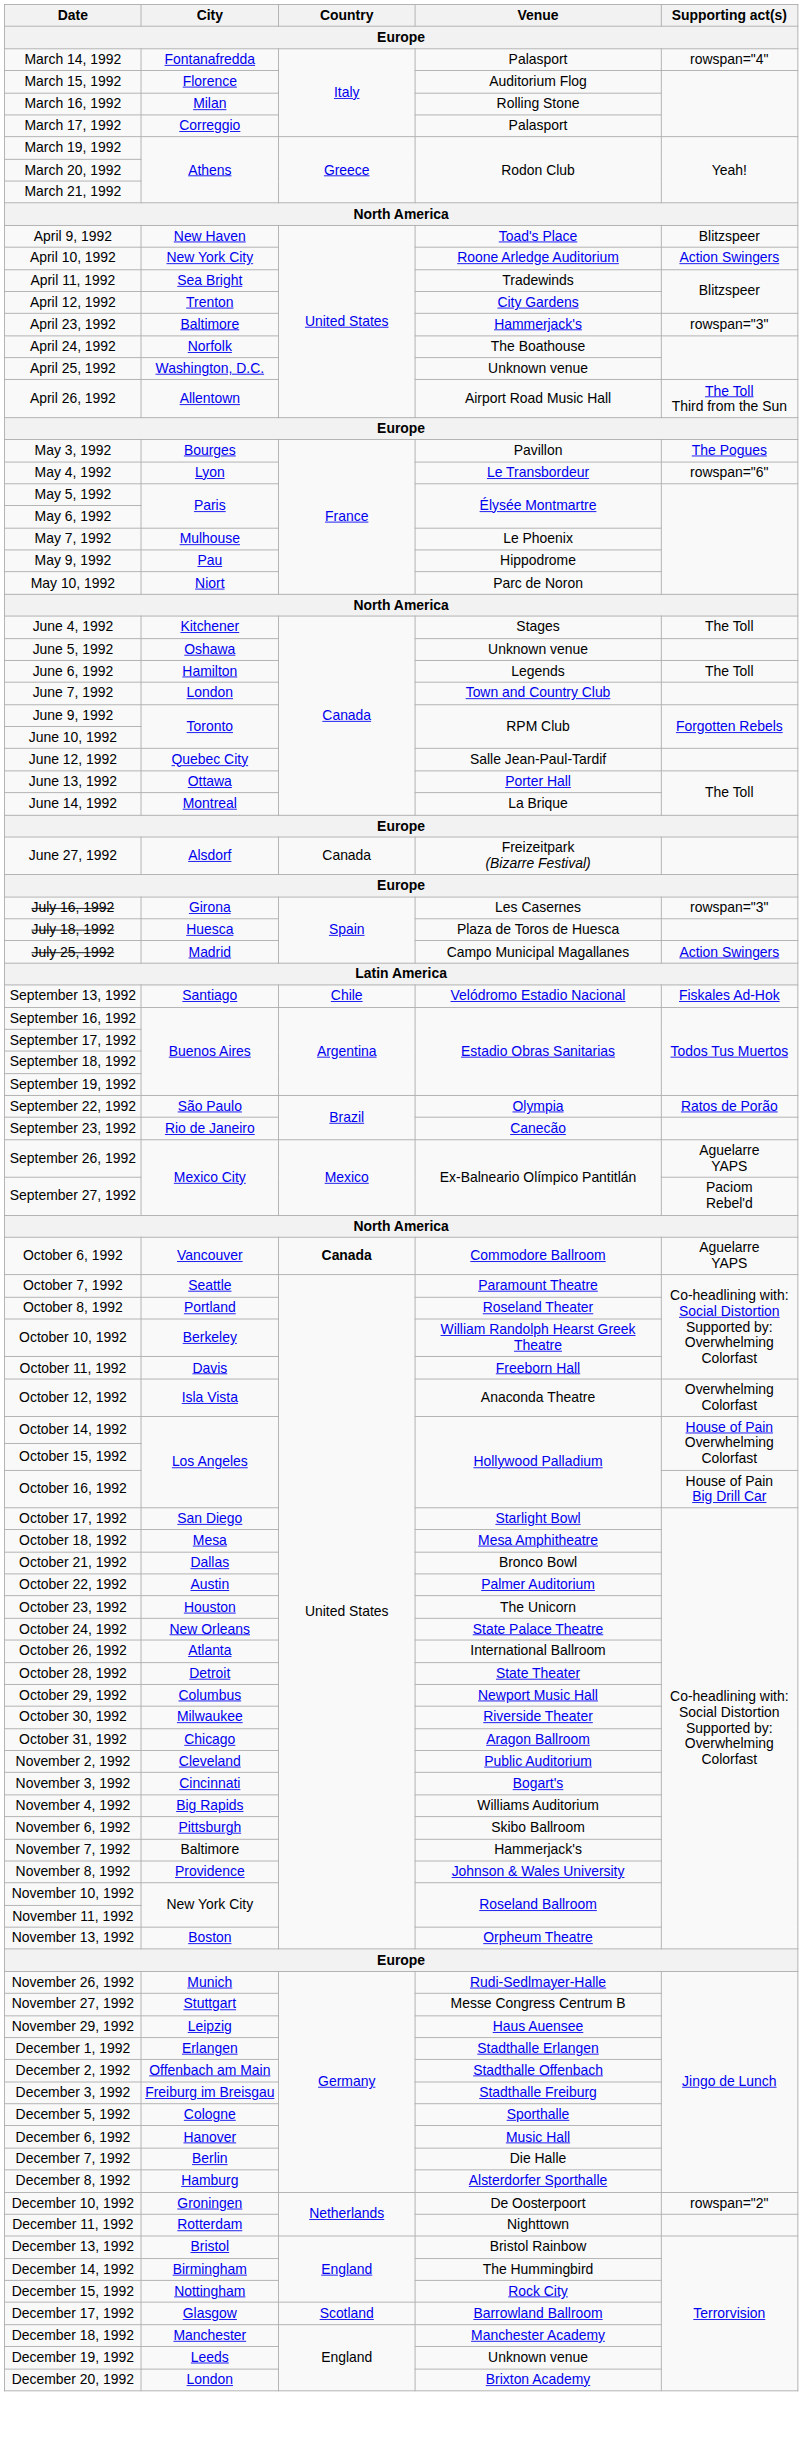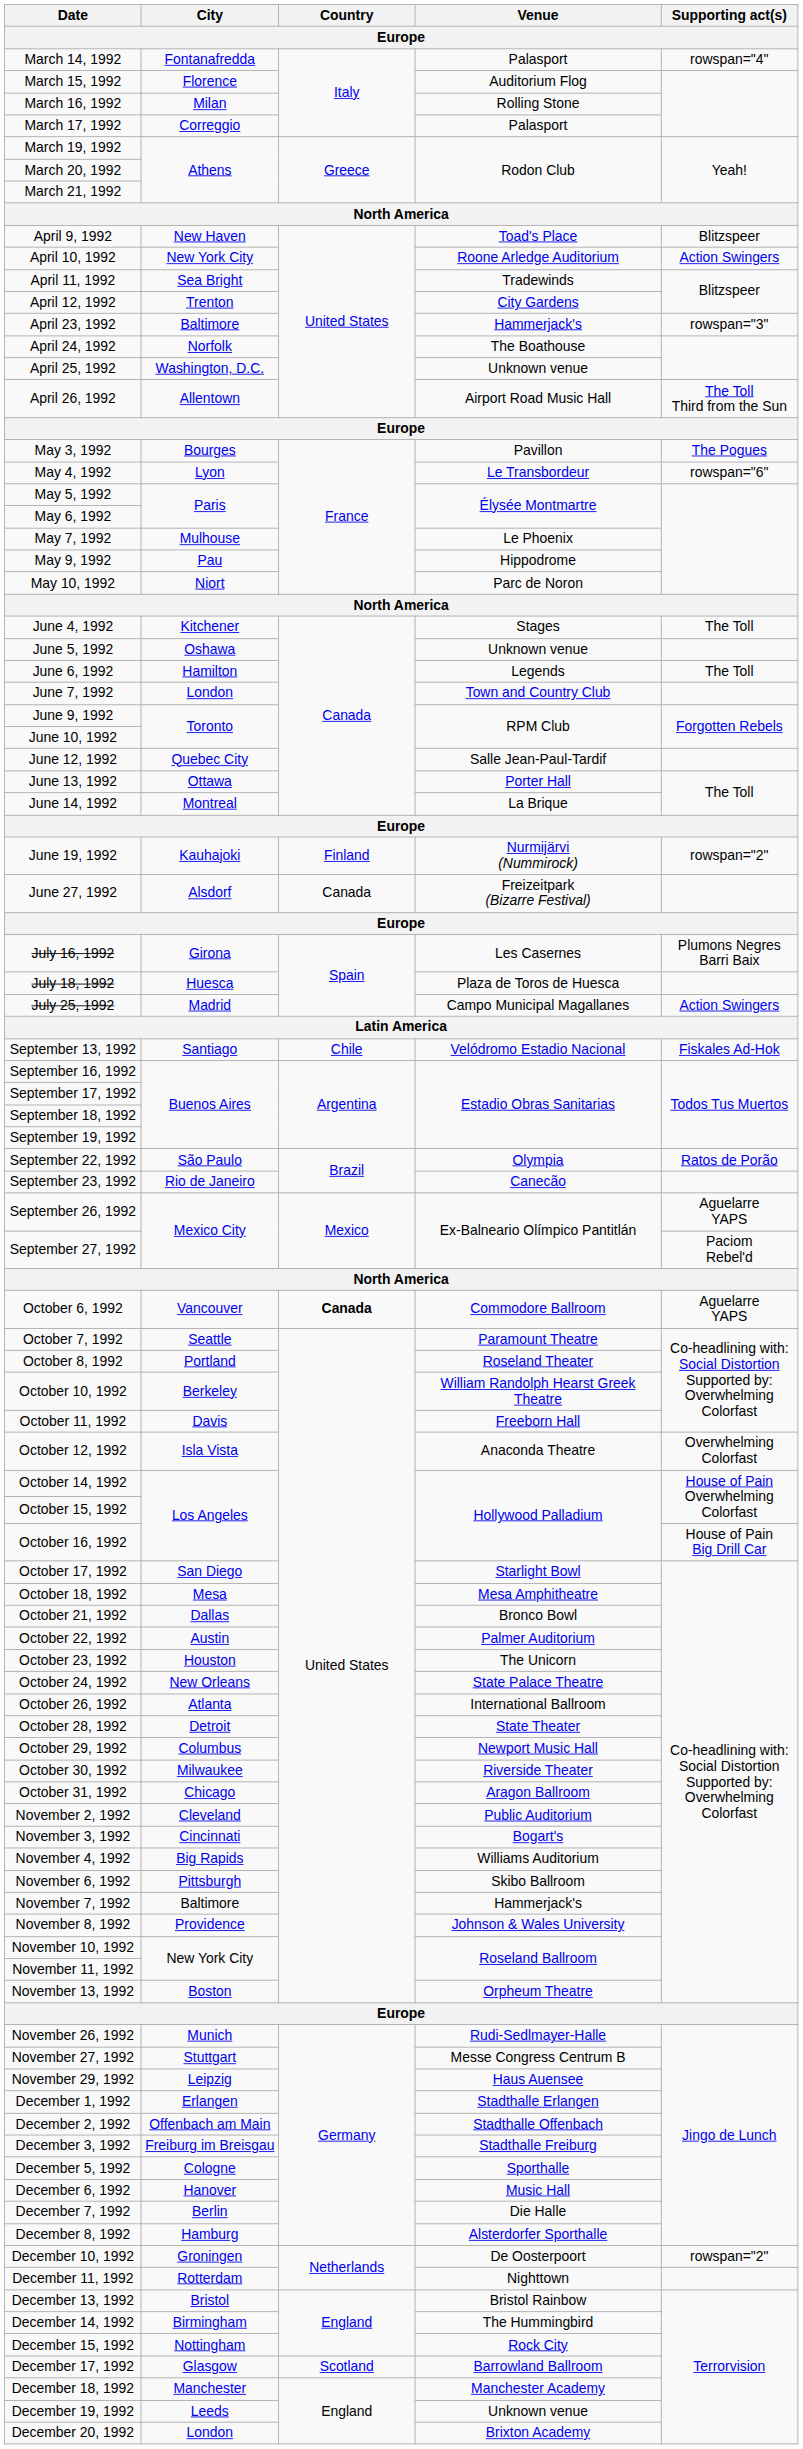 <table class="wikitable" style="text-align:center;">
 <tr>
 <th width="150">Date</th>
 <th width="150">City</th>
 <th width="150">Country</th>
 <th width="275">Venue</th>
 <th width="150">Supporting act(s)</th>
 </tr>
 <tr>
 <th colspan="5">Europe</th>
 </tr>
 <tr>
 <td>March 14, 1992</td>
 <td><a href='#'>Fontanafredda</a></td>
 <td rowspan="4"><a href='#'>Italy</a></td>
 <td>Palasport</td>
 <td>rowspan="4" </td>
 </tr>
 <tr>
 <td>March 15, 1992</td>
 <td><a href='#'>Florence</a></td>
 <td>Auditorium Flog</td>
 </tr>
 <tr>
 <td>March 16, 1992</td>
 <td><a href='#'>Milan</a></td>
 <td>Rolling Stone</td>
 </tr>
 <tr>
 <td>March 17, 1992</td>
 <td><a href='#'>Correggio</a></td>
 <td>Palasport</td>
 </tr>
 <tr>
 <td>March 19, 1992</td>
 <td rowspan="3"><a href='#'>Athens</a></td>
 <td rowspan="3"><a href='#'>Greece</a></td>
 <td rowspan="3">Rodon Club</td>
 <td rowspan="3">Yeah!</td>
 </tr>
 <tr>
 <td>March 20, 1992</td>
 </tr>
 <tr>
 <td>March 21, 1992</td>
 </tr>
 <tr>
 <th colspan="5">North America</th>
 </tr>
 <tr>
 <td>April 9, 1992</td>
 <td><a href='#'>New Haven</a></td>
 <td rowspan="8"><a href='#'>United States</a></td>
 <td><a href='#'>Toad's Place</a></td>
 <td>Blitzspeer</td>
 </tr>
 <tr>
 <td>April 10, 1992</td>
 <td><a href='#'>New York City</a></td>
 <td><a href='#'>Roone Arledge Auditorium</a></td>
 <td><a href='#'>Action Swingers</a></td>
 </tr>
 <tr>
 <td>April 11, 1992</td>
 <td><a href='#'>Sea Bright</a></td>
 <td>Tradewinds</td>
 <td rowspan="2">Blitzspeer</td>
 </tr>
 <tr>
 <td>April 12, 1992</td>
 <td><a href='#'>Trenton</a></td>
 <td><a href='#'>City Gardens</a></td>
 </tr>
 <tr>
 <td>April 23, 1992</td>
 <td><a href='#'>Baltimore</a></td>
 <td><a href='#'>Hammerjack's</a></td>
 <td>rowspan="3" </td>
 </tr>
 <tr>
 <td>April 24, 1992</td>
 <td><a href='#'>Norfolk</a></td>
 <td>The Boathouse</td>
 </tr>
 <tr>
 <td>April 25, 1992</td>
 <td><a href='#'>Washington, D.C.</a></td>
 <td>Unknown venue</td>
 </tr>
 <tr>
 <td>April 26, 1992</td>
 <td><a href='#'>Allentown</a></td>
 <td>Airport Road Music Hall</td>
 <td><a href='#'>The Toll</a><br>Third from the Sun</td>
 </tr>
 <tr>
 <th colspan="5">Europe</th>
 </tr>
 <tr>
 <td>May 3, 1992</td>
 <td><a href='#'>Bourges</a></td>
 <td rowspan="7"><a href='#'>France</a></td>
 <td>Pavillon</td>
 <td><a href='#'>The Pogues</a></td>
 </tr>
 <tr>
 <td>May 4, 1992</td>
 <td><a href='#'>Lyon</a></td>
 <td><a href='#'>Le Transbordeur</a></td>
 <td>rowspan="6" </td>
 </tr>
 <tr>
 <td>May 5, 1992</td>
 <td rowspan="2"><a href='#'>Paris</a></td>
 <td rowspan="2"><a href='#'>Élysée Montmartre</a></td>
 </tr>
 <tr>
 <td>May 6, 1992</td>
 </tr>
 <tr>
 <td>May 7, 1992</td>
 <td><a href='#'>Mulhouse</a></td>
 <td>Le Phoenix</td>
 </tr>
 <tr>
 <td>May 9, 1992</td>
 <td><a href='#'>Pau</a></td>
 <td>Hippodrome</td>
 </tr>
 <tr>
 <td>May 10, 1992</td>
 <td><a href='#'>Niort</a></td>
 <td>Parc de Noron</td>
 </tr>
 <tr>
 <th colspan="5">North America</th>
 </tr>
 <tr>
 <td>June 4, 1992</td>
 <td><a href='#'>Kitchener</a></td>
 <td rowspan="9"><a href='#'>Canada</a></td>
 <td>Stages</td>
 <td>The Toll</td>
 </tr>
 <tr>
 <td>June 5, 1992</td>
 <td><a href='#'>Oshawa</a></td>
 <td>Unknown venue</td>
 <td></td>
 </tr>
 <tr>
 <td>June 6, 1992</td>
 <td><a href='#'>Hamilton</a></td>
 <td>Legends</td>
 <td>The Toll</td>
 </tr>
 <tr>
 <td>June 7, 1992</td>
 <td><a href='#'>London</a></td>
 <td><a href='#'>Town and Country Club</a></td>
 <td></td>
 </tr>
 <tr>
 <td>June 9, 1992</td>
 <td rowspan="2"><a href='#'>Toronto</a></td>
 <td rowspan="2">RPM Club</td>
 <td rowspan="2"><a href='#'>Forgotten Rebels</a></td>
 </tr>
 <tr>
 <td>June 10, 1992</td>
 </tr>
 <tr>
 <td>June 12, 1992</td>
 <td><a href='#'>Quebec City</a></td>
 <td>Salle Jean-Paul-Tardif</td>
 <td></td>
 </tr>
 <tr>
 <td>June 13, 1992</td>
 <td><a href='#'>Ottawa</a></td>
 <td><a href='#'>Porter Hall</a></td>
 <td rowspan="2">The Toll</td>
 </tr>
 <tr>
 <td>June 14, 1992</td>
 <td><a href='#'>Montreal</a></td>
 <td>La Brique</td>
 </tr>
 <tr>
 <th colspan="5">Europe</th>
 </tr>
 <tr>
+<td>June 19, 1992</td>
+<td><a href='#'>Kauhajoki</a></td>
+<td><a href='#'>Finland</a></td>
+<td><a href='#'>Nurmijärvi</a><br><em>(Nummirock)</em></td>
+<td>rowspan="2" </td>
+</tr>
+<tr>
 <td>June 27, 1992</td>
 <td><a href='#'>Alsdorf</a></td>
 <td>Canada</td>
 <td>Freizeitpark<br><em>(Bizarre Festival)</em></td>
 </tr>
 <tr>
 <th colspan="5">Europe</th>
 </tr>
 <tr>
 <td><s>July 16, 1992</s></td>
 <td><a href='#'>Girona</a></td>
 <td rowspan="3"><a href='#'>Spain</a></td>
 <td>Les Casernes</td>
-<td>rowspan="3" </td>
+<td>Plumons Negres<br>Barri Baix</td>
 </tr>
 <tr>
 <td><s>July 18, 1992</s></td>
 <td><a href='#'>Huesca</a></td>
 <td>Plaza de Toros de Huesca</td>
 <td></td>
 </tr>
 <tr>
 <td><s>July 25, 1992</s></td>
 <td><a href='#'>Madrid</a></td>
 <td>Campo Municipal Magallanes</td>
 <td><a href='#'>Action Swingers</a></td>
 </tr>
 <tr>
 <th colspan="5">Latin America</th>
 </tr>
 <tr>
 <td>September 13, 1992</td>
 <td><a href='#'>Santiago</a></td>
 <td><a href='#'>Chile</a></td>
 <td><a href='#'>Velódromo Estadio Nacional</a></td>
 <td><a href='#'>Fiskales Ad-Hok</a></td>
 </tr>
 <tr>
 <td>September 16, 1992</td>
 <td rowspan="4"><a href='#'>Buenos Aires</a></td>
 <td rowspan="4"><a href='#'>Argentina</a></td>
 <td rowspan="4"><a href='#'>Estadio Obras Sanitarias</a></td>
 <td rowspan="4"><a href='#'>Todos Tus Muertos</a></td>
 </tr>
 <tr>
 <td>September 17, 1992</td>
 </tr>
 <tr>
 <td>September 18, 1992</td>
 </tr>
 <tr>
 <td>September 19, 1992</td>
 </tr>
 <tr>
 <td>September 22, 1992</td>
 <td><a href='#'>São Paulo</a></td>
 <td rowspan="2"><a href='#'>Brazil</a></td>
 <td><a href='#'>Olympia</a></td>
 <td><a href='#'>Ratos de Porão</a></td>
 </tr>
 <tr>
 <td>September 23, 1992</td>
 <td><a href='#'>Rio de Janeiro</a></td>
 <td><a href='#'>Canecão</a></td>
 <td></td>
 </tr>
 <tr>
 <td>September 26, 1992</td>
 <td rowspan="2"><a href='#'>Mexico City</a></td>
 <td rowspan="2"><a href='#'>Mexico</a></td>
 <td rowspan="2">Ex-Balneario Olímpico Pantitlán</td>
 <td>Aguelarre<br>YAPS</td>
 </tr>
 <tr>
 <td>September 27, 1992</td>
 <td>Paciom<br>Rebel'd</td>
 </tr>
 <tr>
 <th colspan="5">North America</th>
 </tr>
 <tr>
 <td>October 6, 1992</td>
 <td><a href='#'>Vancouver</a></td>
 <td><strong>Canada</strong></td>
 <td><a href='#'>Commodore Ballroom</a></td>
 <td>Aguelarre<br>YAPS</td>
 </tr>
 <tr>
 <td>October 7, 1992</td>
 <td><a href='#'>Seattle</a></td>
 <td rowspan="28">United States</td>
 <td><a href='#'>Paramount Theatre</a></td>
 <td rowspan="4">Co-headlining with:<br><a href='#'>Social Distortion</a><br>Supported by:<br>Overwhelming Colorfast</td>
 </tr>
 <tr>
 <td>October 8, 1992</td>
 <td><a href='#'>Portland</a></td>
 <td><a href='#'>Roseland Theater</a></td>
 </tr>
 <tr>
 <td>October 10, 1992</td>
 <td><a href='#'>Berkeley</a></td>
 <td><a href='#'>William Randolph Hearst Greek Theatre</a></td>
 </tr>
 <tr>
 <td>October 11, 1992</td>
 <td><a href='#'>Davis</a></td>
 <td><a href='#'>Freeborn Hall</a></td>
 </tr>
 <tr>
 <td>October 12, 1992</td>
 <td><a href='#'>Isla Vista</a></td>
 <td>Anaconda Theatre</td>
 <td>Overwhelming Colorfast</td>
 </tr>
 <tr>
 <td>October 14, 1992</td>
 <td rowspan="3"><a href='#'>Los Angeles</a></td>
 <td rowspan="3"><a href='#'>Hollywood Palladium</a></td>
 <td rowspan="2"><a href='#'>House of Pain</a><br>Overwhelming Colorfast</td>
 </tr>
 <tr>
 <td>October 15, 1992</td>
 </tr>
 <tr>
 <td>October 16, 1992</td>
 <td>House of Pain<br><a href='#'>Big Drill Car</a></td>
 </tr>
 <tr>
 <td>October 17, 1992</td>
 <td><a href='#'>San Diego</a></td>
 <td><a href='#'>Starlight Bowl</a></td>
 <td rowspan="20">Co-headlining with:<br>Social Distortion<br>Supported by:<br>Overwhelming Colorfast</td>
 </tr>
 <tr>
 <td>October 18, 1992</td>
 <td><a href='#'>Mesa</a></td>
 <td><a href='#'>Mesa Amphitheatre</a></td>
 </tr>
 <tr>
 <td>October 21, 1992</td>
 <td><a href='#'>Dallas</a></td>
 <td>Bronco Bowl</td>
 </tr>
 <tr>
 <td>October 22, 1992</td>
 <td><a href='#'>Austin</a></td>
 <td><a href='#'>Palmer Auditorium</a></td>
 </tr>
 <tr>
 <td>October 23, 1992</td>
 <td><a href='#'>Houston</a></td>
 <td>The Unicorn</td>
 </tr>
 <tr>
 <td>October 24, 1992</td>
 <td><a href='#'>New Orleans</a></td>
 <td><a href='#'>State Palace Theatre</a></td>
 </tr>
 <tr>
 <td>October 26, 1992</td>
 <td><a href='#'>Atlanta</a></td>
 <td>International Ballroom</td>
 </tr>
 <tr>
 <td>October 28, 1992</td>
 <td><a href='#'>Detroit</a></td>
 <td><a href='#'>State Theater</a></td>
 </tr>
 <tr>
 <td>October 29, 1992</td>
 <td><a href='#'>Columbus</a></td>
 <td><a href='#'>Newport Music Hall</a></td>
 </tr>
 <tr>
 <td>October 30, 1992</td>
 <td><a href='#'>Milwaukee</a></td>
 <td><a href='#'>Riverside Theater</a></td>
 </tr>
 <tr>
 <td>October 31, 1992</td>
 <td><a href='#'>Chicago</a></td>
 <td><a href='#'>Aragon Ballroom</a></td>
 </tr>
 <tr>
 <td>November 2, 1992</td>
 <td><a href='#'>Cleveland</a></td>
 <td><a href='#'>Public Auditorium</a></td>
 </tr>
 <tr>
 <td>November 3, 1992</td>
 <td><a href='#'>Cincinnati</a></td>
 <td><a href='#'>Bogart's</a></td>
 </tr>
 <tr>
 <td>November 4, 1992</td>
 <td><a href='#'>Big Rapids</a></td>
 <td>Williams Auditorium</td>
 </tr>
 <tr>
 <td>November 6, 1992</td>
 <td><a href='#'>Pittsburgh</a></td>
 <td>Skibo Ballroom</td>
 </tr>
 <tr>
 <td>November 7, 1992</td>
 <td>Baltimore</td>
 <td>Hammerjack's</td>
 </tr>
 <tr>
 <td>November 8, 1992</td>
 <td><a href='#'>Providence</a></td>
 <td><a href='#'>Johnson & Wales University</a></td>
 </tr>
 <tr>
 <td>November 10, 1992</td>
 <td rowspan="2">New York City</td>
 <td rowspan="2"><a href='#'>Roseland Ballroom</a></td>
 </tr>
 <tr>
 <td>November 11, 1992</td>
 </tr>
 <tr>
 <td>November 13, 1992</td>
 <td><a href='#'>Boston</a></td>
 <td><a href='#'>Orpheum Theatre</a></td>
 </tr>
 <tr>
 <th colspan="5">Europe</th>
 </tr>
 <tr>
 <td>November 26, 1992</td>
 <td><a href='#'>Munich</a></td>
 <td rowspan="10"><a href='#'>Germany</a></td>
 <td><a href='#'>Rudi-Sedlmayer-Halle</a></td>
 <td rowspan="10"><a href='#'>Jingo de Lunch</a></td>
 </tr>
 <tr>
 <td>November 27, 1992</td>
 <td><a href='#'>Stuttgart</a></td>
 <td>Messe Congress Centrum B</td>
 </tr>
 <tr>
 <td>November 29, 1992</td>
 <td><a href='#'>Leipzig</a></td>
 <td><a href='#'>Haus Auensee</a></td>
 </tr>
 <tr>
 <td>December 1, 1992</td>
 <td><a href='#'>Erlangen</a></td>
 <td><a href='#'>Stadthalle Erlangen</a></td>
 </tr>
 <tr>
 <td>December 2, 1992</td>
 <td><a href='#'>Offenbach am Main</a></td>
 <td><a href='#'>Stadthalle Offenbach</a></td>
 </tr>
 <tr>
 <td>December 3, 1992</td>
 <td><a href='#'>Freiburg im Breisgau</a></td>
 <td><a href='#'>Stadthalle Freiburg</a></td>
 </tr>
 <tr>
 <td>December 5, 1992</td>
 <td><a href='#'>Cologne</a></td>
 <td><a href='#'>Sporthalle</a></td>
 </tr>
 <tr>
 <td>December 6, 1992</td>
 <td><a href='#'>Hanover</a></td>
 <td><a href='#'>Music Hall</a></td>
 </tr>
 <tr>
 <td>December 7, 1992</td>
 <td><a href='#'>Berlin</a></td>
 <td>Die Halle</td>
 </tr>
 <tr>
 <td>December 8, 1992</td>
 <td><a href='#'>Hamburg</a></td>
 <td><a href='#'>Alsterdorfer Sporthalle</a></td>
 </tr>
 <tr>
 <td>December 10, 1992</td>
 <td><a href='#'>Groningen</a></td>
 <td rowspan="2"><a href='#'>Netherlands</a></td>
 <td>De Oosterpoort</td>
 <td>rowspan="2" </td>
 </tr>
 <tr>
 <td>December 11, 1992</td>
 <td><a href='#'>Rotterdam</a></td>
 <td>Nighttown</td>
 </tr>
 <tr>
 <td>December 13, 1992</td>
 <td><a href='#'>Bristol</a></td>
 <td rowspan="3"><a href='#'>England</a></td>
 <td>Bristol Rainbow</td>
 <td rowspan="7"><a href='#'>Terrorvision</a></td>
 </tr>
 <tr>
 <td>December 14, 1992</td>
 <td><a href='#'>Birmingham</a></td>
 <td>The Hummingbird</td>
 </tr>
 <tr>
 <td>December 15, 1992</td>
 <td><a href='#'>Nottingham</a></td>
 <td><a href='#'>Rock City</a></td>
 </tr>
 <tr>
 <td>December 17, 1992</td>
 <td><a href='#'>Glasgow</a></td>
 <td><a href='#'>Scotland</a></td>
 <td><a href='#'>Barrowland Ballroom</a></td>
 </tr>
 <tr>
 <td>December 18, 1992</td>
 <td><a href='#'>Manchester</a></td>
 <td rowspan="3">England</td>
 <td><a href='#'>Manchester Academy</a></td>
 </tr>
 <tr>
 <td>December 19, 1992</td>
 <td><a href='#'>Leeds</a></td>
 <td>Unknown venue</td>
 </tr>
 <tr>
 <td>December 20, 1992</td>
 <td><a href='#'>London</a></td>
 <td><a href='#'>Brixton Academy</a></td>
 </tr>
 </table>
